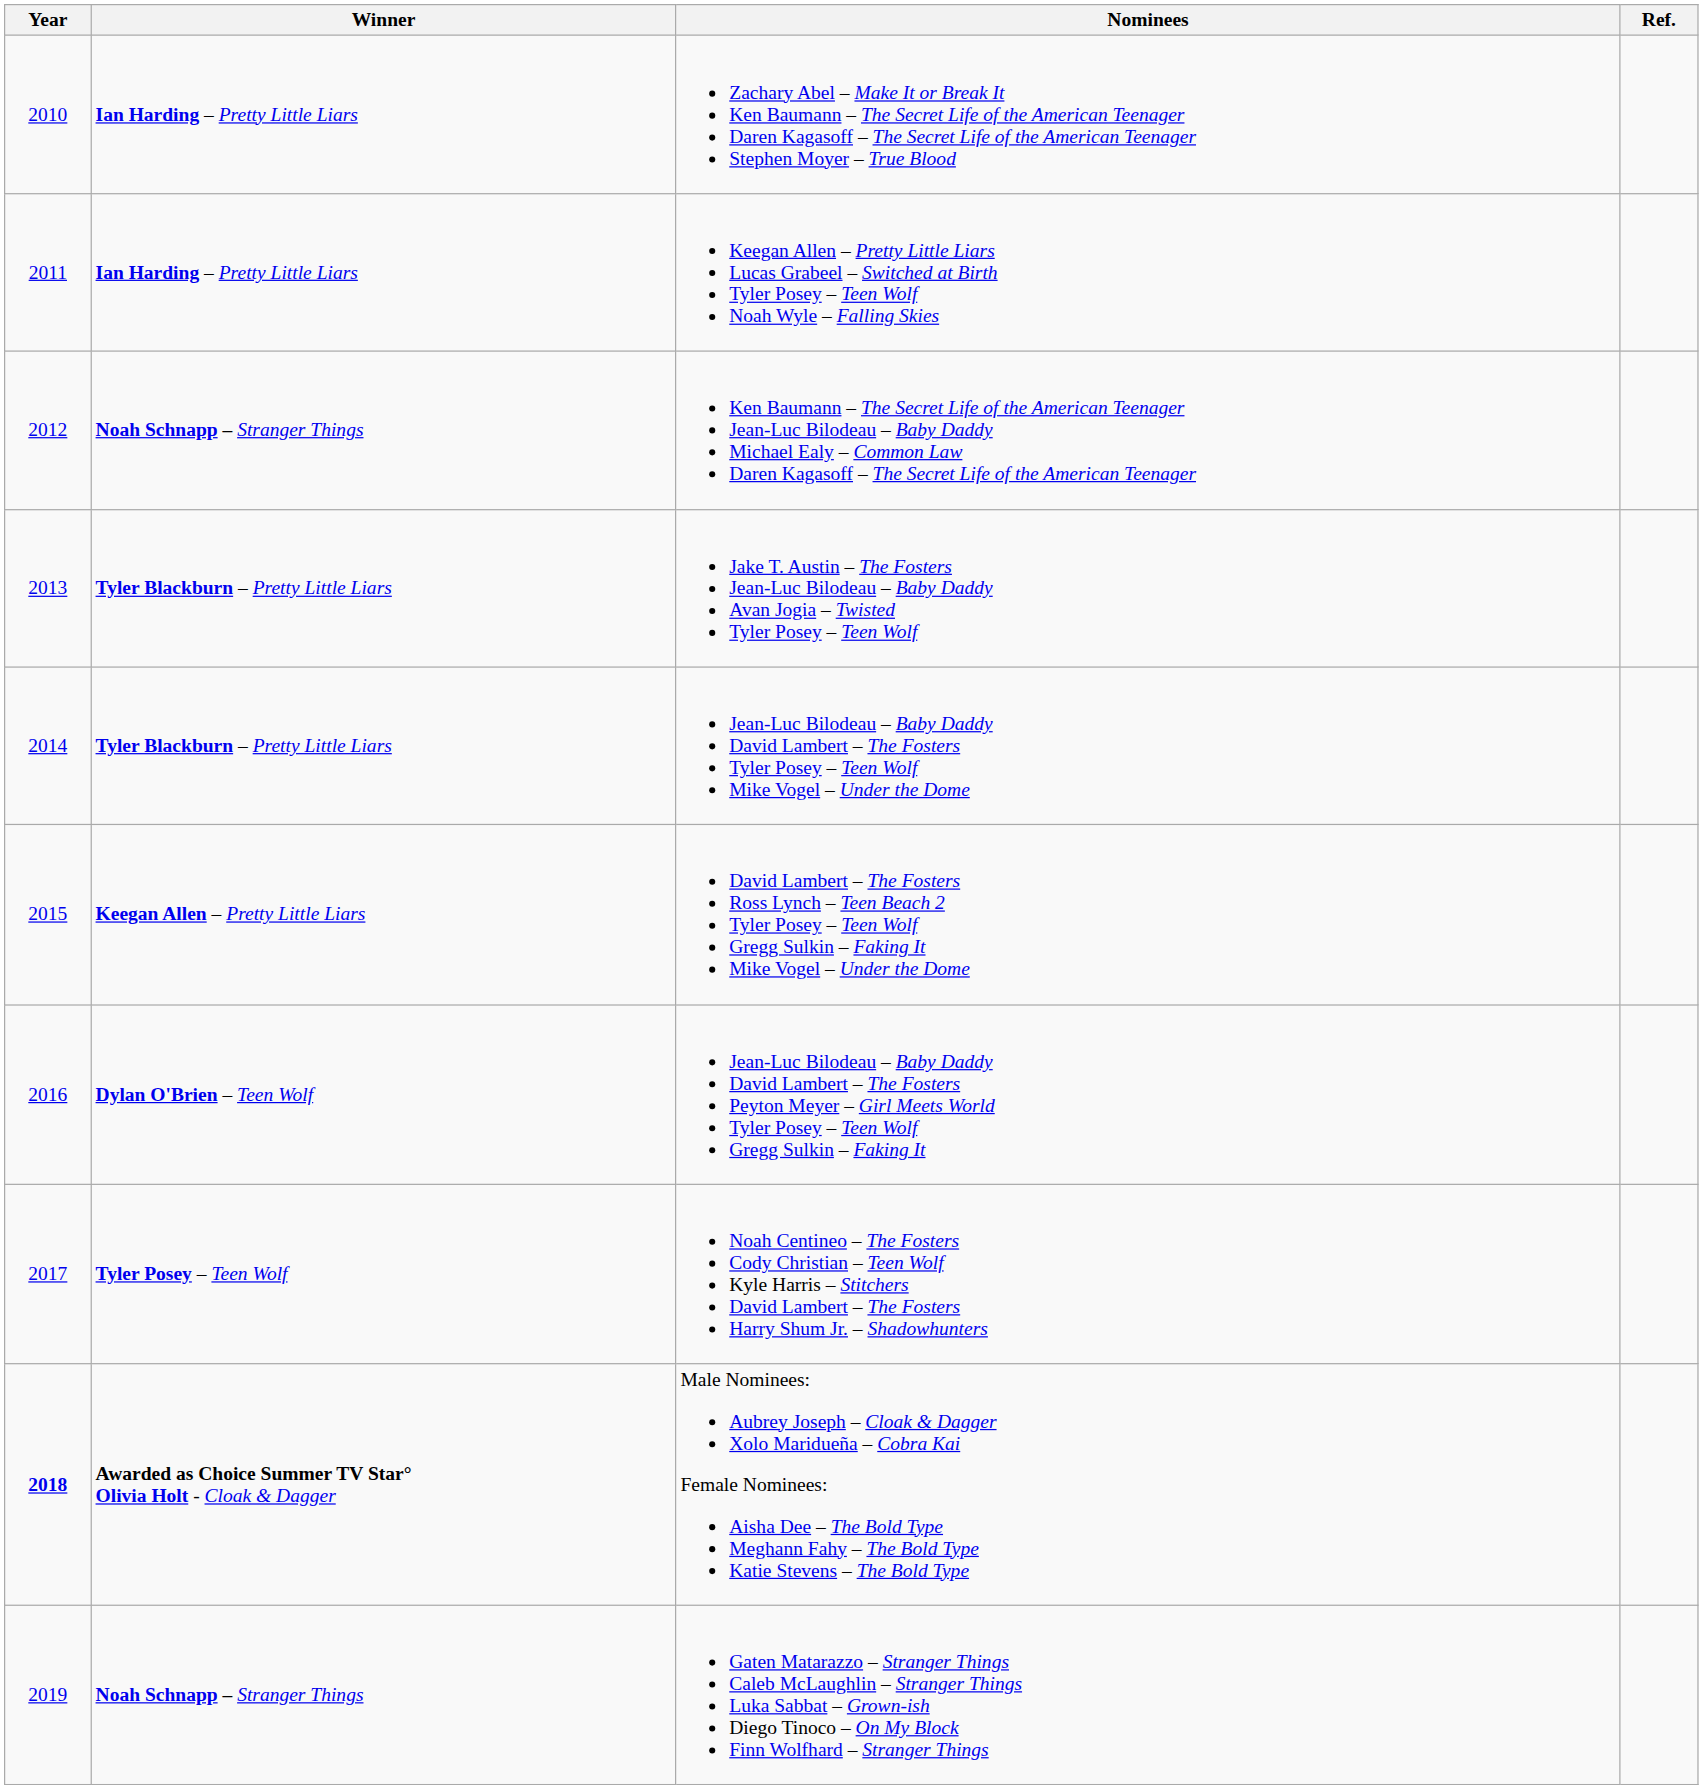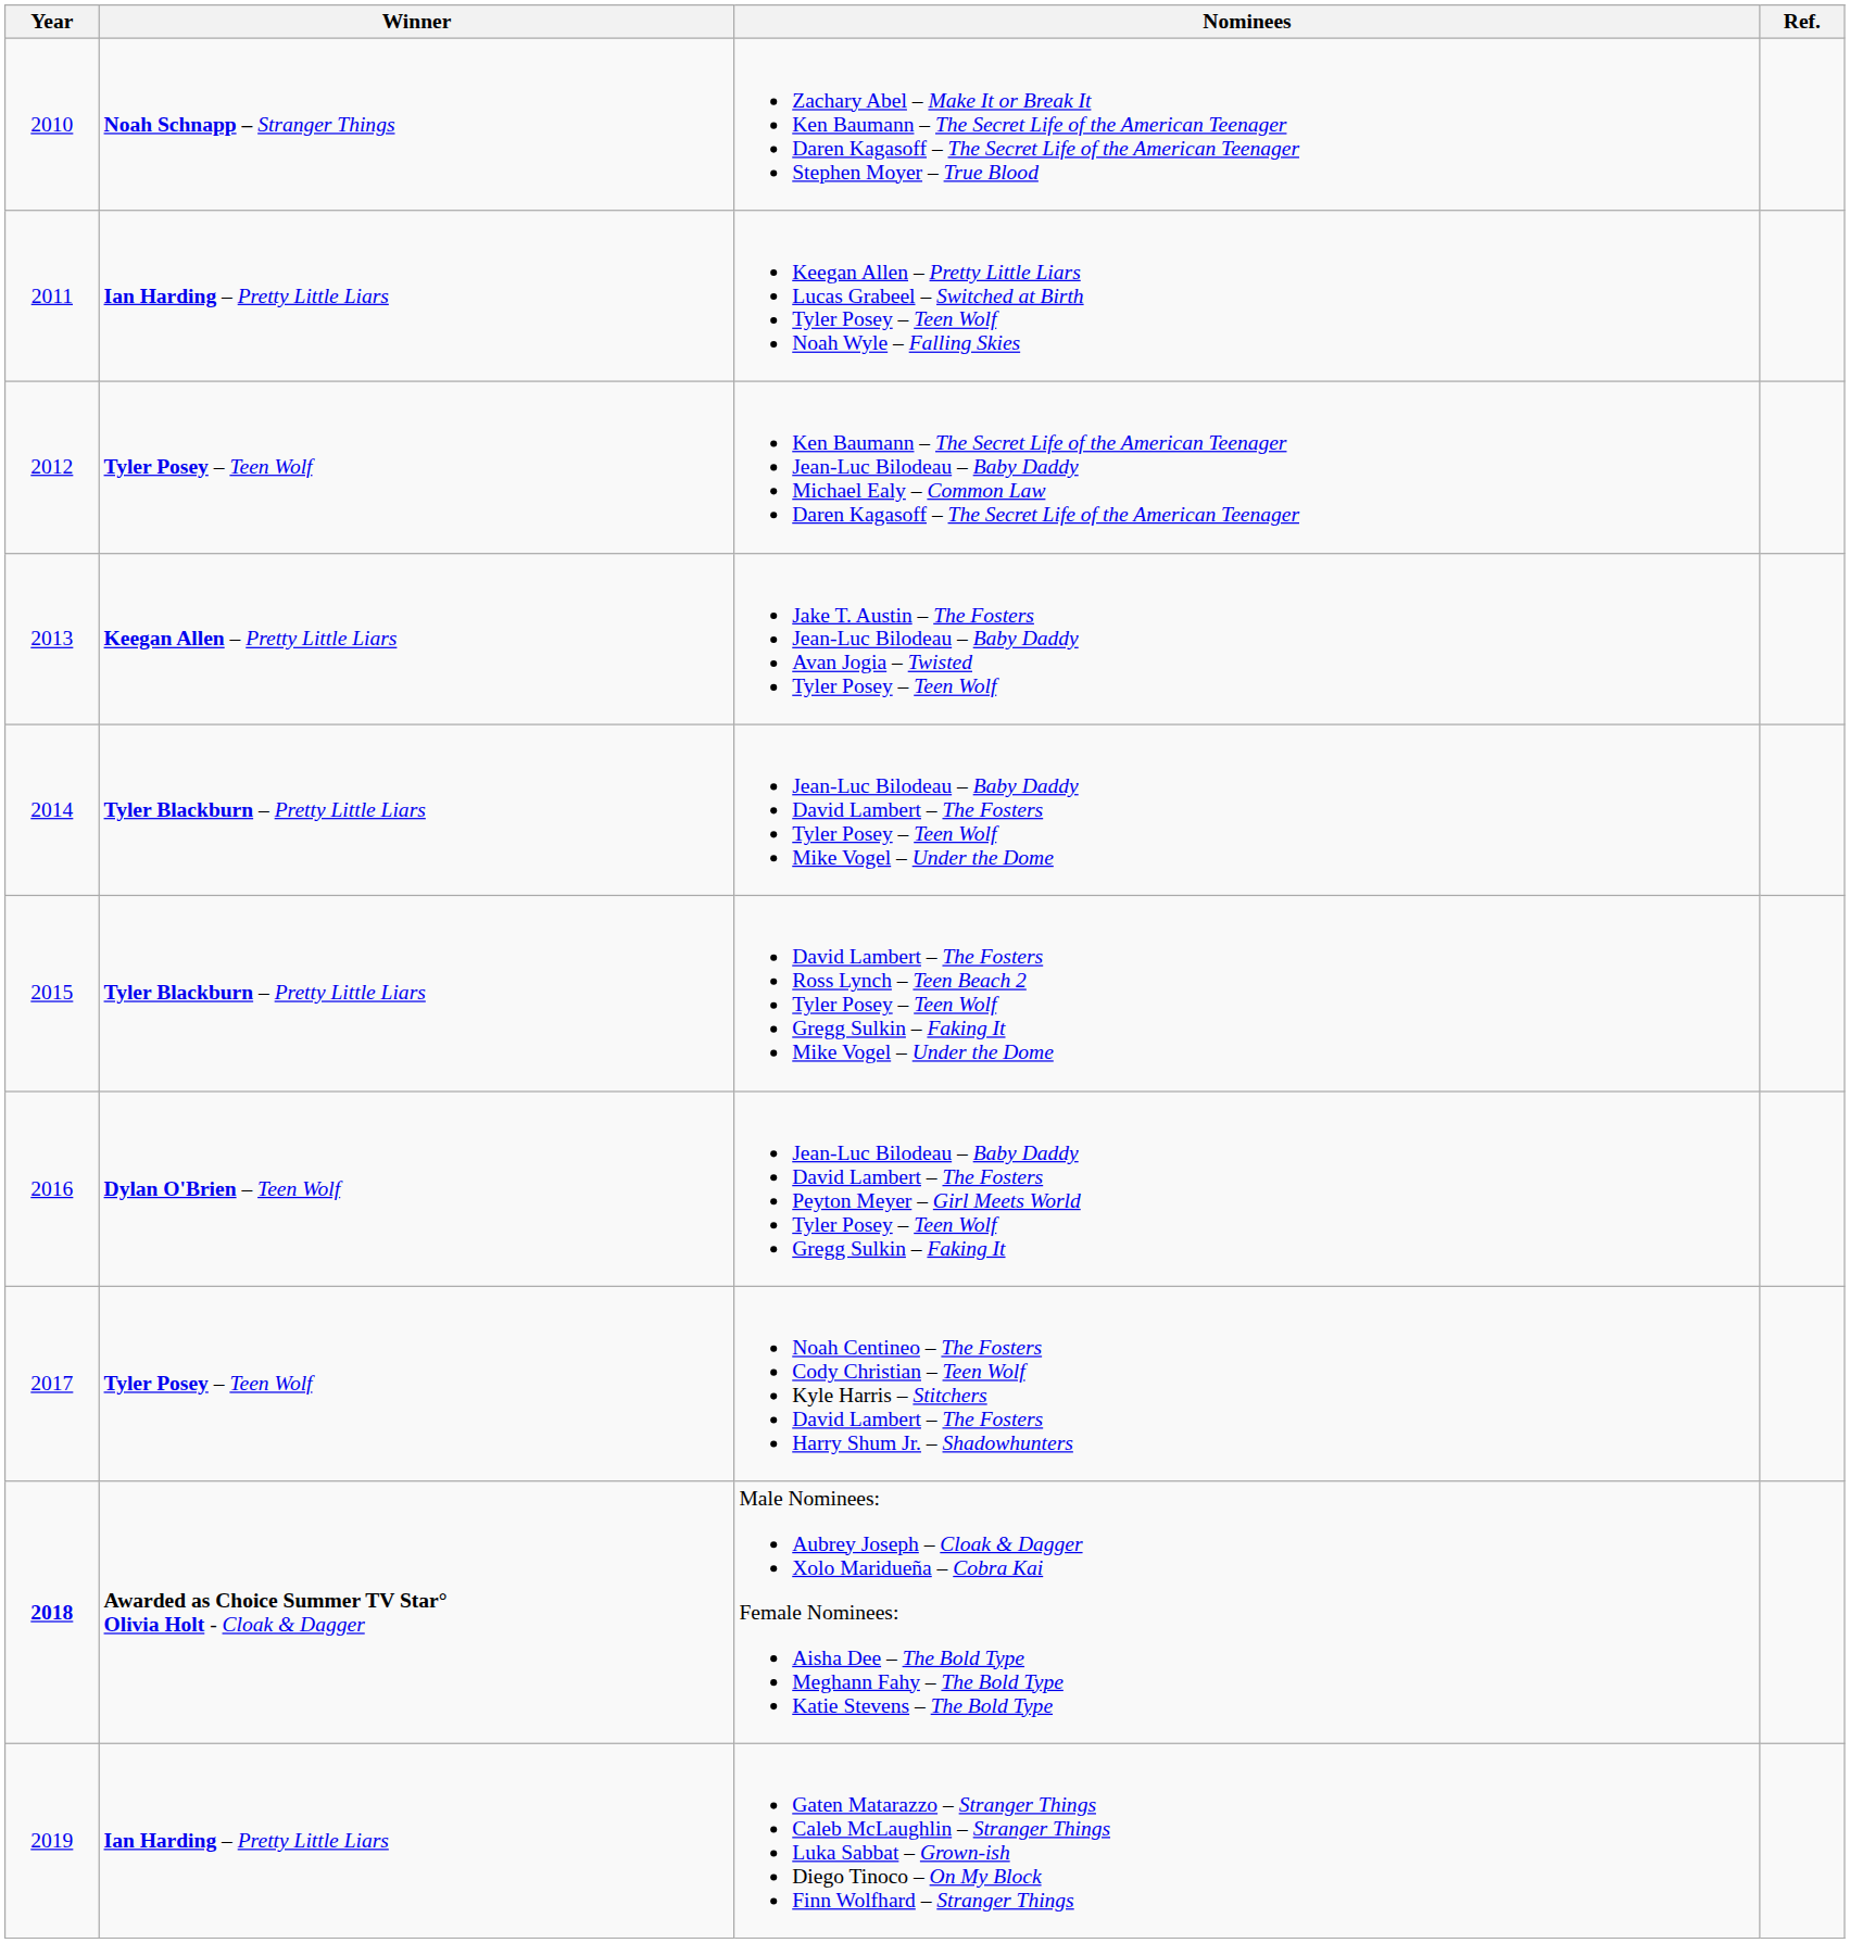 <table class="wikitable" width=70%>
 <tr>
 <th>Year</th>
 <th>Winner</th>
 <th>Nominees</th>
 <th>Ref.</th>
 </tr>
 <tr>
 <td align="center"><a href='#'>2010</a></td>
-<td><strong><a href='#'>Ian Harding</a></strong> – <em><a href='#'>Pretty Little Liars</a></em></td>
+<td><strong><a href='#'>Noah Schnapp</a> –</strong> <em><a href='#'>Stranger Things</a></em></td>
 <td><br><ul><li><a href='#'>Zachary Abel</a> – <em><a href='#'>Make It or Break It</a></em></li><li><a href='#'>Ken Baumann</a> – <em><a href='#'>The Secret Life of the American Teenager</a></em></li><li><a href='#'>Daren Kagasoff</a> – <em><a href='#'>The Secret Life of the American Teenager</a></em></li><li><a href='#'>Stephen Moyer</a> – <em><a href='#'>True Blood</a></em></li></ul></td>
 <td align="center"></td>
 </tr>
 <tr>
 <td align="center"><a href='#'>2011</a></td>
 <td><strong><a href='#'>Ian Harding</a></strong> – <em><a href='#'>Pretty Little Liars</a></em></td>
 <td><br><ul><li><a href='#'>Keegan Allen</a> – <em><a href='#'>Pretty Little Liars</a></em></li><li><a href='#'>Lucas Grabeel</a> – <em><a href='#'>Switched at Birth</a></em></li><li><a href='#'>Tyler Posey</a> – <em><a href='#'>Teen Wolf</a></em></li><li><a href='#'>Noah Wyle</a> – <em><a href='#'>Falling Skies</a></em></li></ul></td>
 <td align="center"></td>
 </tr>
 <tr>
 <td align="center"><a href='#'>2012</a></td>
-<td><strong><a href='#'>Noah Schnapp</a> –</strong> <em><a href='#'>Stranger Things</a></em></td>
+<td><strong><a href='#'>Tyler Posey</a></strong> – <em><a href='#'>Teen Wolf</a></em></td>
 <td><br><ul><li><a href='#'>Ken Baumann</a> – <em><a href='#'>The Secret Life of the American Teenager</a></em></li><li><a href='#'>Jean-Luc Bilodeau</a> – <em><a href='#'>Baby Daddy</a></em></li><li><a href='#'>Michael Ealy</a> – <em><a href='#'>Common Law</a></em></li><li><a href='#'>Daren Kagasoff</a> – <em><a href='#'>The Secret Life of the American Teenager</a></em></li></ul></td>
 <td align="center"></td>
 </tr>
 <tr>
 <td align="center"><a href='#'>2013</a></td>
-<td><strong><a href='#'>Tyler Blackburn</a></strong> – <em><a href='#'>Pretty Little Liars</a></em></td>
+<td><strong><a href='#'>Keegan Allen</a></strong> – <em><a href='#'>Pretty Little Liars</a></em></td>
 <td><br><ul><li><a href='#'>Jake T. Austin</a> – <em><a href='#'>The Fosters</a></em></li><li><a href='#'>Jean-Luc Bilodeau</a> – <em><a href='#'>Baby Daddy</a></em></li><li><a href='#'>Avan Jogia</a> – <em><a href='#'>Twisted</a></em></li><li><a href='#'>Tyler Posey</a> – <em><a href='#'>Teen Wolf</a></em></li></ul></td>
 <td align="center"></td>
 </tr>
 <tr>
 <td align="center"><a href='#'>2014</a></td>
 <td><strong><a href='#'>Tyler Blackburn</a></strong> – <em><a href='#'>Pretty Little Liars</a></em></td>
 <td><br><ul><li><a href='#'>Jean-Luc Bilodeau</a> – <em><a href='#'>Baby Daddy</a></em></li><li><a href='#'>David Lambert</a> – <em><a href='#'>The Fosters</a></em></li><li><a href='#'>Tyler Posey</a> – <em><a href='#'>Teen Wolf</a></em></li><li><a href='#'>Mike Vogel</a> – <em><a href='#'>Under the Dome</a></em></li></ul></td>
 <td align="center"></td>
 </tr>
 <tr>
 <td align="center"><a href='#'>2015</a></td>
-<td><strong><a href='#'>Keegan Allen</a></strong> – <em><a href='#'>Pretty Little Liars</a></em></td>
+<td><strong><a href='#'>Tyler Blackburn</a></strong> – <em><a href='#'>Pretty Little Liars</a></em></td>
 <td><br><ul><li><a href='#'>David Lambert</a> – <em><a href='#'>The Fosters</a></em></li><li><a href='#'>Ross Lynch</a> – <em><a href='#'>Teen Beach 2</a></em></li><li><a href='#'>Tyler Posey</a> – <em><a href='#'>Teen Wolf</a></em></li><li><a href='#'>Gregg Sulkin</a> – <em><a href='#'>Faking It</a></em></li><li><a href='#'>Mike Vogel</a> – <em><a href='#'>Under the Dome</a></em></li></ul></td>
 <td align="center"></td>
 </tr>
 <tr>
 <td align="center"><a href='#'>2016</a></td>
 <td><strong><a href='#'>Dylan O'Brien</a></strong> – <em><a href='#'>Teen Wolf</a></em></td>
 <td><br><ul><li><a href='#'>Jean-Luc Bilodeau</a> – <em><a href='#'>Baby Daddy</a></em></li><li><a href='#'>David Lambert</a> – <em><a href='#'>The Fosters</a></em></li><li><a href='#'>Peyton Meyer</a> – <em><a href='#'>Girl Meets World</a></em></li><li><a href='#'>Tyler Posey</a> – <em><a href='#'>Teen Wolf</a></em></li><li><a href='#'>Gregg Sulkin</a> – <em><a href='#'>Faking It</a></em></li></ul></td>
 <td align="center"></td>
 </tr>
 <tr>
 <td align="center"><a href='#'>2017</a></td>
 <td><strong><a href='#'>Tyler Posey</a></strong> – <em><a href='#'>Teen Wolf</a></em></td>
 <td><br><ul><li><a href='#'>Noah Centineo</a> – <em><a href='#'>The Fosters</a></em></li><li><a href='#'>Cody Christian</a> – <em><a href='#'>Teen Wolf</a></em></li><li>Kyle Harris – <em><a href='#'>Stitchers</a></em></li><li><a href='#'>David Lambert</a> – <em><a href='#'>The Fosters</a></em></li><li><a href='#'>Harry Shum Jr.</a> – <em><a href='#'>Shadowhunters</a></em></li></ul></td>
 <td align="center"></td>
 </tr>
 <tr>
 <td align="center"><strong><a href='#'>2018</a></strong></td>
 <td><strong>Awarded as Choice Summer TV Star°</strong><br><strong><a href='#'>Olivia Holt</a></strong> - <a href='#'><em>Cloak & Dagger</em></a></td>
 <td>Male Nominees:<br><ul><li><a href='#'>Aubrey Joseph</a> – <em><a href='#'>Cloak & Dagger</a></em></li><li><a href='#'>Xolo Maridueña</a> – <em><a href='#'>Cobra Kai</a></em></li></ul>Female Nominees:<ul><li><a href='#'>Aisha Dee</a> – <em><a href='#'>The Bold Type</a></em></li><li><a href='#'>Meghann Fahy</a> – <em><a href='#'>The Bold Type</a></em></li><li><a href='#'>Katie Stevens</a> – <em><a href='#'>The Bold Type</a></em></li></ul></td>
 <td align="center"></td>
 </tr>
 <tr>
 <td align="center"><a href='#'>2019</a></td>
-<td><strong><a href='#'>Noah Schnapp</a> –</strong> <em><a href='#'>Stranger Things</a></em></td>
+<td><strong><a href='#'>Ian Harding</a></strong> – <em><a href='#'>Pretty Little Liars</a></em></td>
 <td><br><ul><li><a href='#'>Gaten Matarazzo</a> – <em><a href='#'>Stranger Things</a></em></li><li><a href='#'>Caleb McLaughlin</a> – <em><a href='#'>Stranger Things</a></em></li><li><a href='#'>Luka Sabbat</a> – <em><a href='#'>Grown-ish</a></em></li><li>Diego Tinoco – <em><a href='#'>On My Block</a></em></li><li><a href='#'>Finn Wolfhard</a> – <em><a href='#'>Stranger Things</a></em></li></ul></td>
 <td align="center"></td>
 </tr>
 </table>
